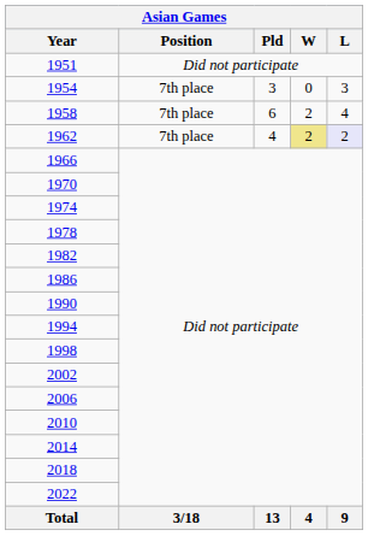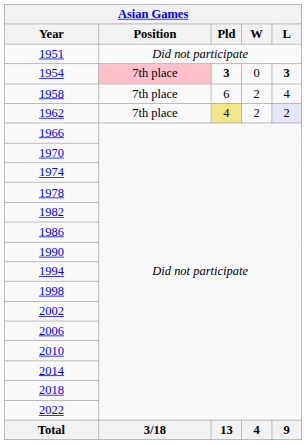 <table class="wikitable" style="text-align: center;">
 <tr bgcolor=#9acdff>
 <th colspan=9><a href='#'>Asian Games</a></th>
 </tr>
 <tr>
 <th width=25%>Year</th>
 <th width=30%>Position</th>
 <th width=8%>Pld</th>
 <th width=8%>W</th>
 <th width=8%>L</th>
 </tr>
 <tr>
 <td> <a href='#'>1951</a></td>
 <td colspan=4><em>Did not participate</em></td>
 </tr>
 <tr>
 <td> <a href='#'>1954</a></td>
-<td>7th place</td>
-<td>3</td>
+<td style="background: pink;">7th place</td>
+<td><strong>3</strong></td>
 <td>0</td>
-<td>3</td>
+<td><strong>3</strong></td>
 </tr>
 <tr>
 <td> <a href='#'>1958</a></td>
 <td>7th place</td>
 <td>6</td>
 <td>2</td>
 <td>4</td>
 </tr>
 <tr>
 <td> <a href='#'>1962</a></td>
 <td>7th place</td>
-<td>4</td>
-<td style="background: khaki;">2</td>
+<td style="background: khaki;">4</td>
+<td>2</td>
 <td style="background: lavender;">2</td>
 </tr>
 <tr>
 <td> <a href='#'>1966</a></td>
 <td colspan="4" rowspan="15"><em>Did not participate</em></td>
 </tr>
 <tr>
 <td> <a href='#'>1970</a></td>
 </tr>
 <tr>
 <td> <a href='#'>1974</a></td>
 </tr>
 <tr>
 <td> <a href='#'>1978</a></td>
 </tr>
 <tr>
 <td> <a href='#'>1982</a></td>
 </tr>
 <tr>
 <td> <a href='#'>1986</a></td>
 </tr>
 <tr>
 <td> <a href='#'>1990</a></td>
 </tr>
 <tr>
 <td> <a href='#'>1994</a></td>
 </tr>
 <tr>
 <td> <a href='#'>1998</a></td>
 </tr>
 <tr>
 <td> <a href='#'>2002</a></td>
 </tr>
 <tr>
 <td> <a href='#'>2006</a></td>
 </tr>
 <tr>
 <td> <a href='#'>2010</a></td>
 </tr>
 <tr>
 <td> <a href='#'>2014</a></td>
 </tr>
 <tr>
 <td> <a href='#'>2018</a></td>
 </tr>
 <tr>
 <td> <a href='#'>2022</a></td>
 </tr>
 <tr>
 <th>Total</th>
 <th>3/18</th>
 <th>13</th>
 <th>4</th>
 <th>9</th>
 </tr>
 </table>
